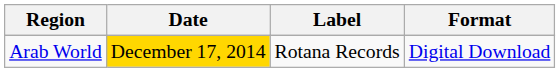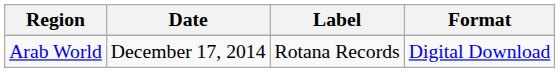 <table class="wikitable">
 <tr>
 <th>Region</th>
 <th>Date</th>
 <th>Label</th>
 <th>Format</th>
 </tr>
 <tr>
 </tr>
 <tr>
 <td><a href='#'>Arab World</a></td>
-<td style="background: gold;">December 17, 2014 </td>
+<td>December 17, 2014 </td>
 <td rowspan="2">Rotana Records</td>
 <td rowspan="2"><a href='#'>Digital Download</a></td>
 </tr>
 </table>
